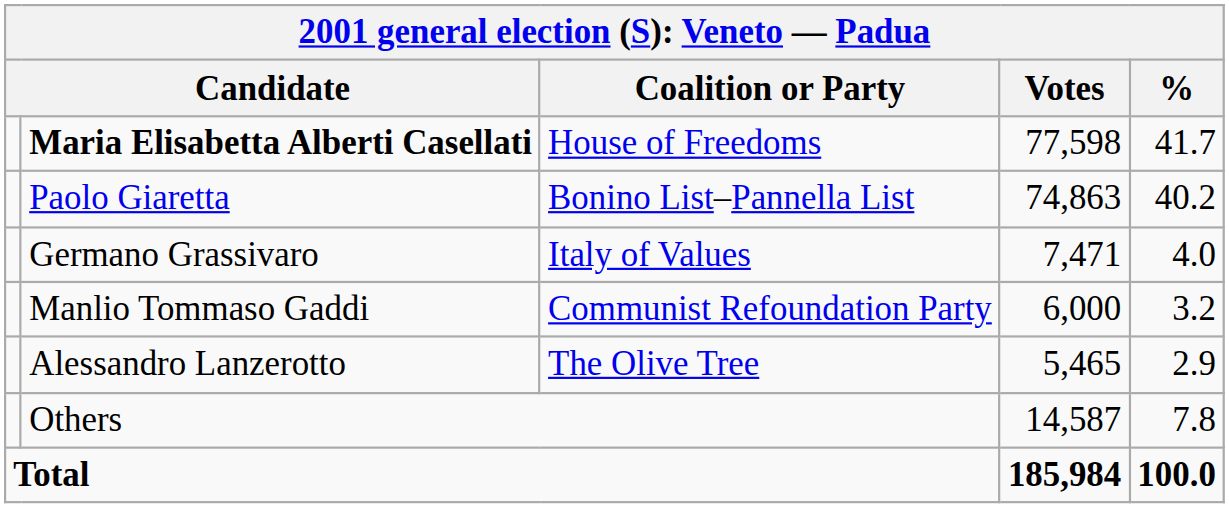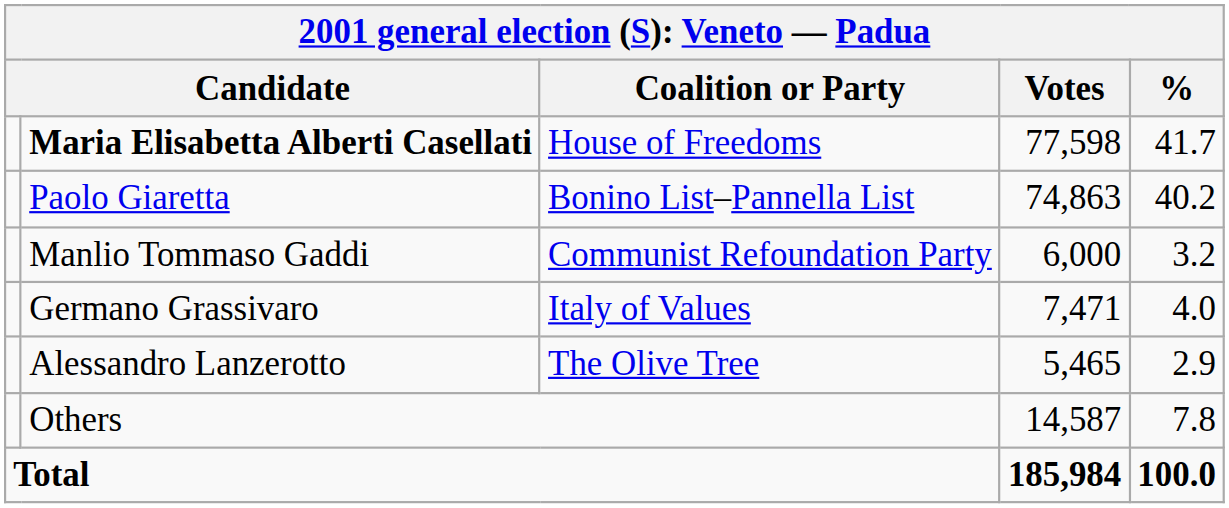 <table class=wikitable style=text-align:right>
 <tr>
 <th colspan=5><a href='#'>2001 general election</a> (<a href='#'>S</a>): <a href='#'>Veneto</a> — <a href='#'>Padua</a></th>
 </tr>
 <tr>
 <th colspan=2>Candidate</th>
 <th>Coalition or Party</th>
 <th>Votes</th>
 <th>%</th>
 </tr>
 <tr>
 <td></td>
 <td align=left><strong>Maria Elisabetta Alberti Casellati</strong></td>
 <td align=left><a href='#'>House of Freedoms</a></td>
 <td>77,598</td>
 <td>41.7</td>
 </tr>
 <tr>
 <td></td>
 <td align=left><a href='#'>Paolo Giaretta</a></td>
 <td align=left><a href='#'>Bonino List</a>–<a href='#'>Pannella List</a></td>
 <td>74,863</td>
 <td>40.2</td>
 </tr>
 <tr>
 <td></td>
+<td align=left>Manlio Tommaso Gaddi</td>
+<td align=left><a href='#'>Communist Refoundation Party</a></td>
+<td>6,000</td>
+<td>3.2</td>
+</tr>
+<tr>
+<td></td>
 <td align=left>Germano Grassivaro</td>
 <td align=left><a href='#'>Italy of Values</a></td>
 <td>7,471</td>
 <td>4.0</td>
-</tr>
-<tr>
-<td></td>
-<td align=left>Manlio Tommaso Gaddi</td>
-<td align=left><a href='#'>Communist Refoundation Party</a></td>
-<td>6,000</td>
-<td>3.2</td>
 </tr>
 <tr>
 <td></td>
 <td align=left>Alessandro Lanzerotto</td>
 <td align=left><a href='#'>The Olive Tree</a></td>
 <td>5,465</td>
 <td>2.9</td>
 </tr>
 <tr>
 <td></td>
 <td align=left colspan=2>Others</td>
 <td>14,587</td>
 <td>7.8</td>
 </tr>
 <tr>
 <td align=left colspan=3><strong>Total</strong></td>
 <td><strong>185,984</strong></td>
 <td><strong>100.0</strong></td>
 </tr>
 </table>
